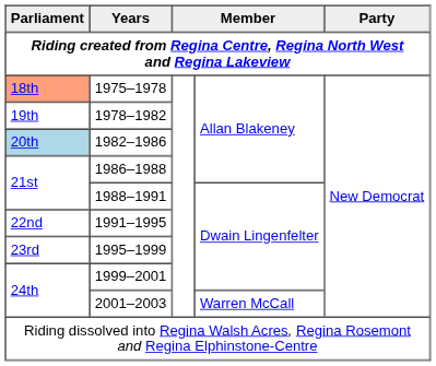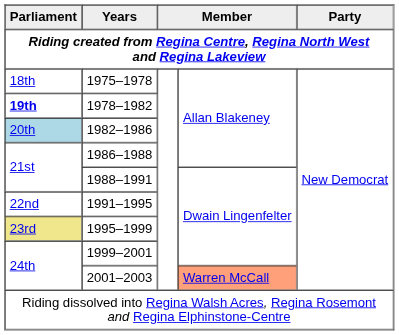 <table border=1 cellpadding=5 cellspacing=0>
 <tr bgcolor="EEEEEE">
 <th>Parliament</th>
 <th>Years</th>
 <th colspan="2">Member</th>
 <th>Party</th>
 </tr>
 <tr>
 <td colspan="5" align="center"><strong><em>Riding created from<em> <a href='#'>Regina Centre</a></em>,<em> <a href='#'>Regina North West</a> <br></em>and<em> <a href='#'>Regina Lakeview</a><strong></td>
 </tr>
 <tr>
-<td style="background: lightsalmon;"><a href='#'>18th</a></td>
+<td><a href='#'>18th</a></td>
 <td>1975–1978</td>
 <td rowspan="9" >   </td>
 <td rowspan="4"><a href='#'>Allan Blakeney</a></td>
 <td rowspan="9"><a href='#'>New Democrat</a></td>
 </tr>
 <tr>
-<td><a href='#'>19th</a></td>
+<td><strong><a href='#'>19th</a></strong></td>
 <td>1978–1982</td>
 </tr>
 <tr>
 <td style="background: lightblue;"><a href='#'>20th</a></td>
 <td>1982–1986</td>
 </tr>
 <tr>
 <td rowspan="2"><a href='#'>21st</a></td>
 <td>1986–1988</td>
 </tr>
 <tr>
 <td>1988–1991</td>
 <td rowspan="4"><a href='#'>Dwain Lingenfelter</a></td>
 </tr>
 <tr>
 <td><a href='#'>22nd</a></td>
 <td>1991–1995</td>
 </tr>
 <tr>
-<td><a href='#'>23rd</a></td>
+<td style="background: khaki;"><a href='#'>23rd</a></td>
 <td>1995–1999</td>
 </tr>
 <tr>
 <td rowspan="2"><a href='#'>24th</a></td>
 <td>1999–2001</td>
 </tr>
 <tr>
 <td>2001–2003</td>
-<td><a href='#'>Warren McCall</a></td>
+<td style="background: lightsalmon;"><a href='#'>Warren McCall</a></td>
 </tr>
 <tr>
 <td colspan="5" align="center"></em></strong>Riding dissolved into</em> <a href='#'>Regina Walsh Acres</a><em>,</em> <a href='#'>Regina Rosemont</a> <br><em>and</em> <a href='#'>Regina Elphinstone-Centre</a></strong></td>
 </tr>
 </table>
